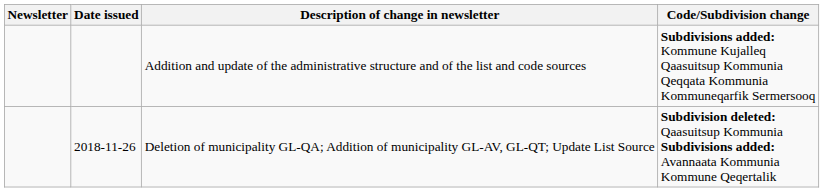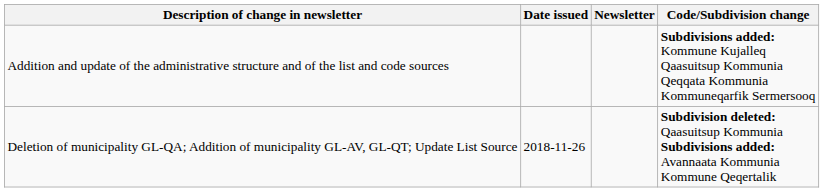 <table class="wikitable">
 <tr>
+<th>Description of change in newsletter</th>
+<th>Date issued</th>
 <th>Newsletter</th>
-<th>Date issued</th>
-<th>Description of change in newsletter</th>
 <th>Code/Subdivision change</th>
 </tr>
 <tr>
+<td>Addition and update of the administrative structure and of the list and code sources</td>
+<td></td>
 <td id="II-2"></td>
-<td></td>
-<td>Addition and update of the administrative structure and of the list and code sources</td>
 <td style=white-space:nowrap><strong>Subdivisions added:</strong><br> Kommune Kujalleq<br> Qaasuitsup Kommunia<br> Qeqqata Kommunia<br> Kommuneqarfik Sermersooq</td>
 </tr>
 <tr>
+<td>Deletion of municipality GL-QA; Addition of municipality GL-AV, GL-QT; Update List Source</td>
+<td>2018-11-26</td>
 <td></td>
-<td>2018-11-26</td>
-<td>Deletion of municipality GL-QA; Addition of municipality GL-AV, GL-QT; Update List Source</td>
 <td><strong>Subdivision deleted:</strong><br> Qaasuitsup Kommunia<br><strong>Subdivisions added:</strong><br> Avannaata Kommunia<br> Kommune Qeqertalik</td>
 </tr>
 </table>
